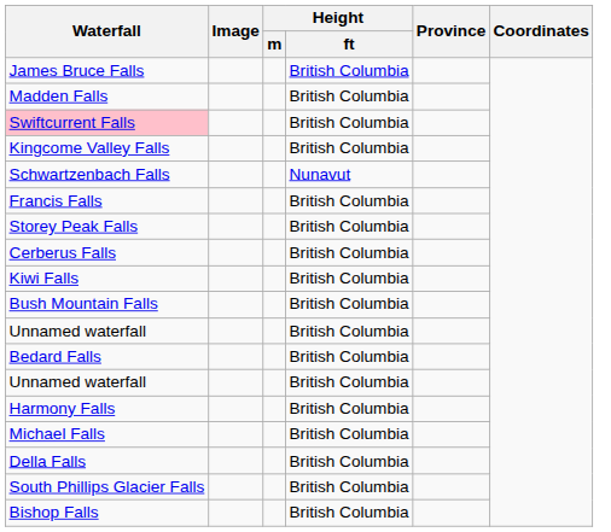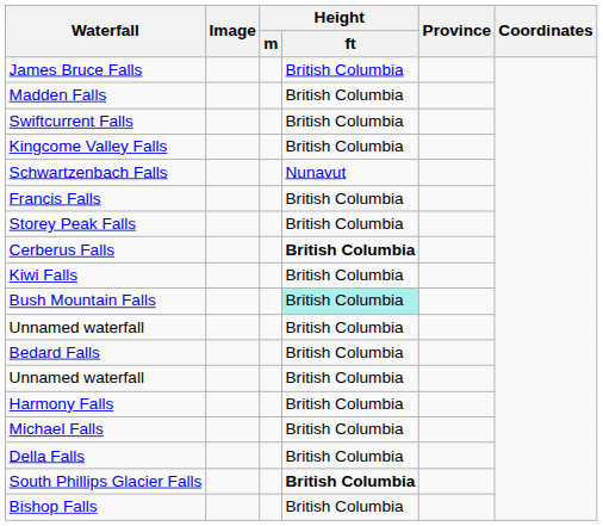 <table class="wikitable sortable">
 <tr>
 <th rowspan=2>Waterfall</th>
 <th rowspan=2 class="unsortable">Image</th>
 <th colspan=2>Height</th>
 <th rowspan=2>Province</th>
 <th rowspan=2>Coordinates</th>
 </tr>
 <tr>
 <th>m</th>
 <th>ft</th>
 </tr>
 <tr>
 <td><a href='#'>James Bruce Falls</a></td>
 <td></td>
 <td></td>
 <td><a href='#'>British Columbia</a></td>
 <td></td>
 </tr>
 <tr>
 <td><a href='#'>Madden Falls</a></td>
 <td></td>
 <td></td>
 <td>British Columbia</td>
 <td></td>
 </tr>
 <tr>
-<td style="background: pink;"><a href='#'>Swiftcurrent Falls</a></td>
+<td><a href='#'>Swiftcurrent Falls</a></td>
 <td></td>
 <td></td>
 <td>British Columbia</td>
 <td></td>
 </tr>
 <tr>
 <td><a href='#'>Kingcome Valley Falls</a></td>
 <td></td>
 <td></td>
 <td>British Columbia</td>
 <td></td>
 </tr>
 <tr>
 <td><a href='#'>Schwartzenbach Falls</a></td>
 <td></td>
 <td></td>
 <td><a href='#'>Nunavut</a></td>
 <td></td>
 </tr>
 <tr>
 <td><a href='#'>Francis Falls</a></td>
 <td></td>
 <td></td>
 <td>British Columbia</td>
 <td></td>
 </tr>
 <tr>
 <td><a href='#'>Storey Peak Falls</a></td>
 <td></td>
 <td></td>
 <td>British Columbia</td>
 <td></td>
 </tr>
 <tr>
 <td><a href='#'>Cerberus Falls</a></td>
 <td></td>
 <td></td>
-<td>British Columbia</td>
+<td><strong>British Columbia</strong></td>
 <td></td>
 </tr>
 <tr>
 <td><a href='#'>Kiwi Falls</a></td>
 <td></td>
 <td></td>
 <td>British Columbia</td>
 <td></td>
 </tr>
 <tr>
 <td><a href='#'>Bush Mountain Falls</a></td>
 <td></td>
 <td></td>
-<td>British Columbia</td>
+<td style="background: paleturquoise;">British Columbia</td>
 <td></td>
 </tr>
 <tr>
 <td>Unnamed waterfall</td>
 <td></td>
 <td></td>
 <td>British Columbia</td>
 <td></td>
 </tr>
 <tr>
 <td><a href='#'>Bedard Falls</a></td>
 <td></td>
 <td></td>
 <td>British Columbia</td>
 <td></td>
 </tr>
 <tr>
 <td>Unnamed waterfall</td>
 <td></td>
 <td></td>
 <td>British Columbia</td>
 <td></td>
 </tr>
 <tr>
 <td><a href='#'>Harmony Falls</a></td>
 <td></td>
 <td></td>
 <td>British Columbia</td>
 <td></td>
 </tr>
 <tr>
 <td><a href='#'>Michael Falls</a></td>
 <td></td>
 <td></td>
 <td>British Columbia</td>
 <td></td>
 </tr>
 <tr>
 <td><a href='#'>Della Falls</a></td>
 <td></td>
 <td></td>
 <td>British Columbia</td>
 <td></td>
 </tr>
 <tr>
 <td><a href='#'>South Phillips Glacier Falls</a></td>
 <td></td>
 <td></td>
-<td>British Columbia</td>
+<td><strong>British Columbia</strong></td>
 <td></td>
 </tr>
 <tr>
 <td><a href='#'>Bishop Falls</a></td>
 <td></td>
 <td></td>
 <td>British Columbia</td>
 <td></td>
 </tr>
 </table>
